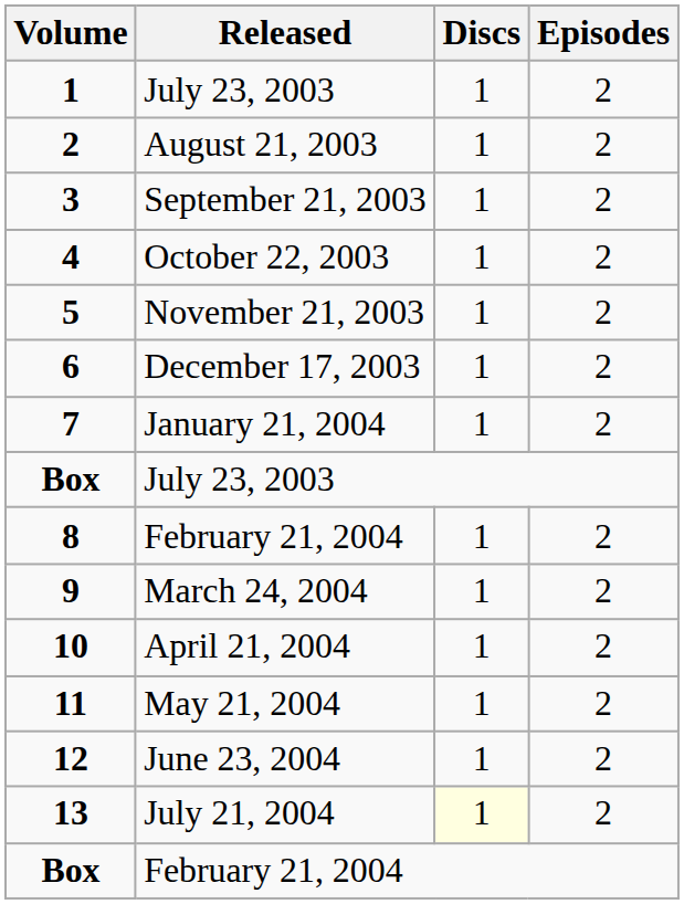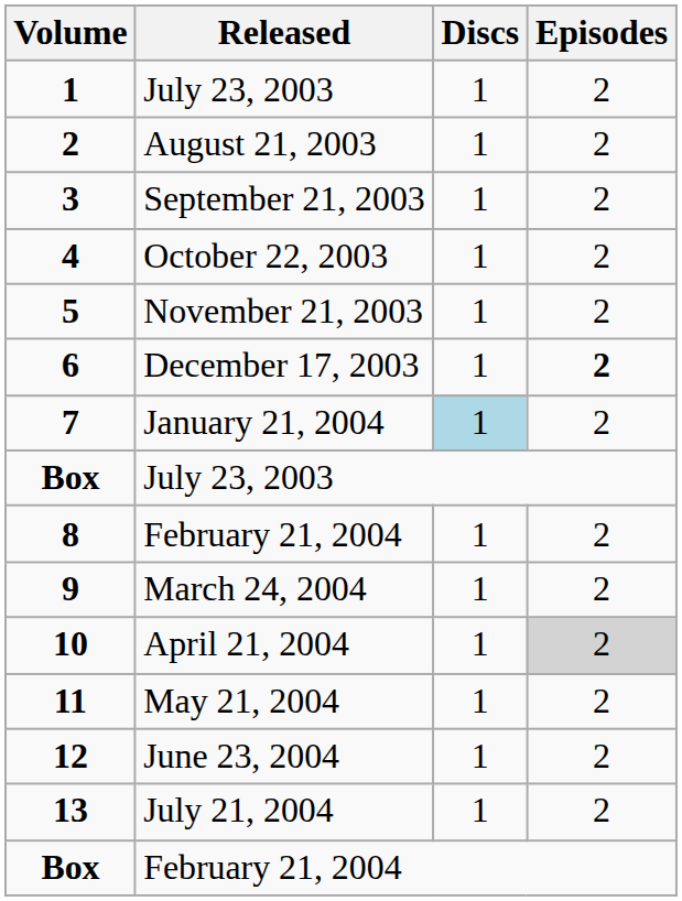 <table class="wikitable">
 <tr>
 <th>Volume</th>
 <th>Released</th>
 <th>Discs</th>
 <th>Episodes</th>
 </tr>
 <tr>
 <td align=center><strong>1</strong></td>
 <td>July 23, 2003</td>
 <td align=center>1</td>
 <td align=center>2</td>
 </tr>
 <tr>
 <td align=center><strong>2</strong></td>
 <td>August 21, 2003</td>
 <td align=center>1</td>
 <td align=center>2</td>
 </tr>
 <tr>
 <td align=center><strong>3</strong></td>
 <td>September 21, 2003</td>
 <td align=center>1</td>
 <td align=center>2</td>
 </tr>
 <tr>
 <td align=center><strong>4</strong></td>
 <td>October 22, 2003</td>
 <td align=center>1</td>
 <td align=center>2</td>
 </tr>
 <tr>
 <td align=center><strong>5</strong></td>
 <td>November 21, 2003</td>
 <td align=center>1</td>
 <td align=center>2</td>
 </tr>
 <tr>
 <td align=center><strong>6</strong></td>
 <td>December 17, 2003</td>
 <td align=center>1</td>
-<td align=center>2</td>
+<td align=center><strong>2</strong></td>
 </tr>
 <tr>
 <td align=center><strong>7</strong></td>
 <td>January 21, 2004</td>
-<td align=center>1</td>
+<td align=center style="background: lightblue;">1</td>
 <td align=center>2</td>
 </tr>
 <tr>
 <td align=center><strong>Box</strong></td>
 <td colspan="3">July 23, 2003</td>
 </tr>
 <tr>
 <td align=center><strong>8</strong></td>
 <td>February 21, 2004</td>
 <td align=center>1</td>
 <td align=center>2</td>
 </tr>
 <tr>
 <td align=center><strong>9</strong></td>
 <td>March 24, 2004</td>
 <td align=center>1</td>
 <td align=center>2</td>
 </tr>
 <tr>
 <td align=center><strong>10</strong></td>
 <td>April 21, 2004</td>
 <td align=center>1</td>
-<td align=center>2</td>
+<td align=center style="background: lightgrey;">2</td>
 </tr>
 <tr>
 <td align=center><strong>11</strong></td>
 <td>May 21, 2004</td>
 <td align=center>1</td>
 <td align=center>2</td>
 </tr>
 <tr>
 <td align=center><strong>12</strong></td>
 <td>June 23, 2004</td>
 <td align=center>1</td>
 <td align=center>2</td>
 </tr>
 <tr>
 <td align=center><strong>13</strong></td>
 <td>July 21, 2004</td>
-<td align=center style="background: lightyellow;">1</td>
+<td align=center>1</td>
 <td align=center>2</td>
 </tr>
 <tr>
 <td align=center><strong>Box</strong></td>
 <td colspan="3">February 21, 2004</td>
 </tr>
 </table>
